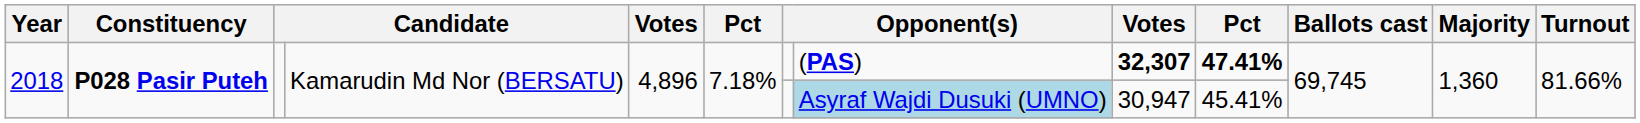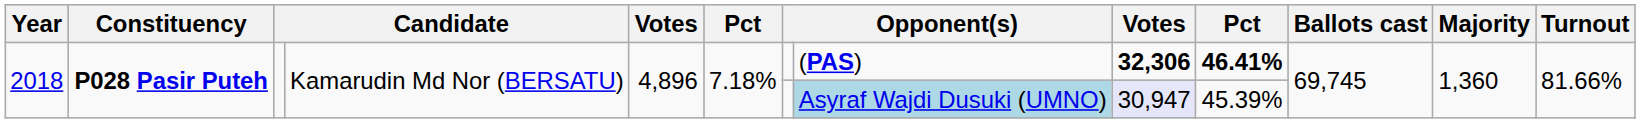 <table class="wikitable" style="margin:0.5em ; font-size:95%">
 <tr>
 <th>Year</th>
 <th>Constituency</th>
 <th colspan=2>Candidate</th>
 <th>Votes</th>
 <th>Pct</th>
 <th colspan=2>Opponent(s)</th>
 <th>Votes</th>
 <th>Pct</th>
 <th>Ballots cast</th>
 <th>Majority</th>
 <th>Turnout</th>
 </tr>
 <tr>
 <td rowspan=2><a href='#'>2018</a></td>
 <td rowspan=2><strong>P028 <a href='#'>Pasir Puteh</a></strong></td>
 <td rowspan=2 ></td>
 <td rowspan=2>Kamarudin Md Nor (<a href='#'>BERSATU</a>)</td>
 <td rowspan=2 align=right>4,896</td>
 <td rowspan=2>7.18%</td>
 <td></td>
 <td> (<a href='#'><strong>PAS</strong></a>)</td>
-<td align=right><strong>32,307</strong></td>
-<td><strong>47.41%</strong></td>
+<td align=right><strong>32,306</strong></td>
+<td><strong>46.41%</strong></td>
 <td rowspan=2>69,745</td>
 <td rowspan=2>1,360</td>
 <td rowspan=2>81.66%</td>
 </tr>
 <tr>
 <td></td>
 <td style="background: lightblue;"><a href='#'>Asyraf Wajdi Dusuki</a> (<a href='#'>UMNO</a>)</td>
-<td align=right>30,947</td>
-<td>45.41%</td>
+<td align=right style="background: lavender;">30,947</td>
+<td>45.39%</td>
 </tr>
 </table>
